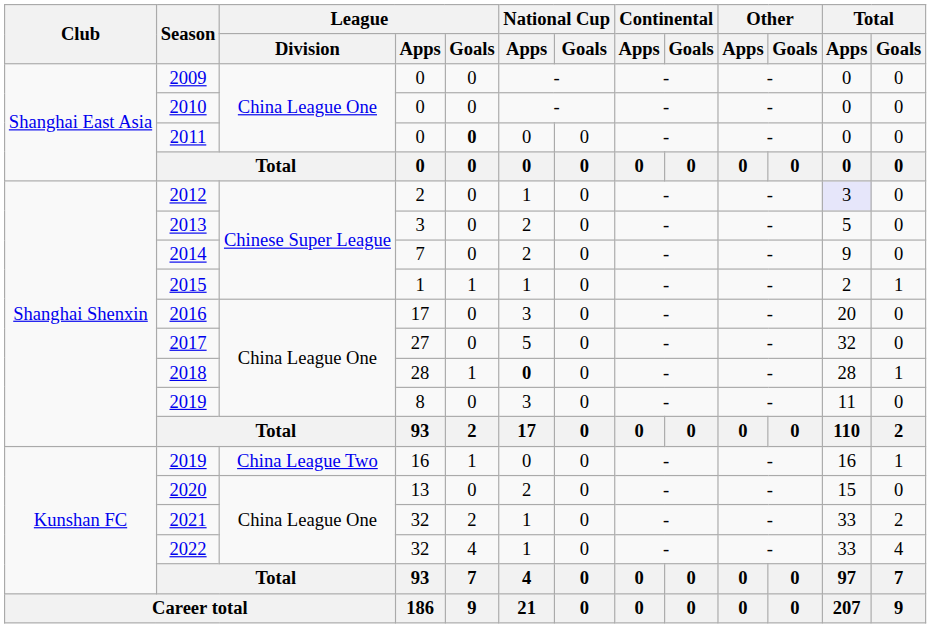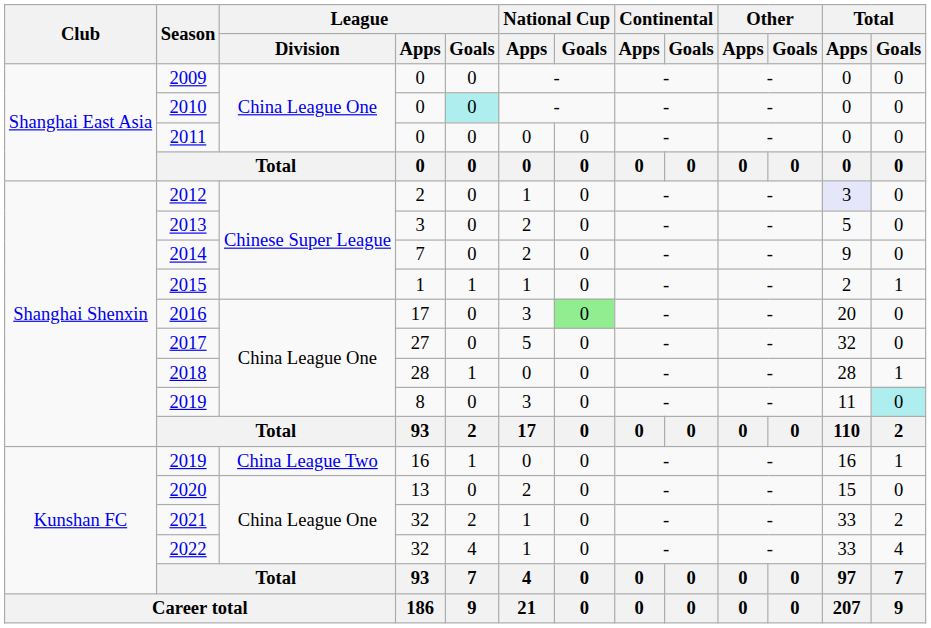 <table class="wikitable" style="text-align: center">
 <tr>
 <th rowspan="2">Club</th>
 <th rowspan="2">Season</th>
 <th colspan="3">League</th>
 <th colspan="2">National Cup</th>
 <th colspan="2">Continental</th>
 <th colspan="2">Other</th>
 <th colspan="2">Total</th>
 </tr>
 <tr>
 <th>Division</th>
 <th>Apps</th>
 <th>Goals</th>
 <th>Apps</th>
 <th>Goals</th>
 <th>Apps</th>
 <th>Goals</th>
 <th>Apps</th>
 <th>Goals</th>
 <th>Apps</th>
 <th>Goals</th>
 </tr>
 <tr>
 <td rowspan=4><a href='#'>Shanghai East Asia</a></td>
 <td><a href='#'>2009</a></td>
 <td rowspan="3"><a href='#'>China League One</a></td>
 <td>0</td>
 <td>0</td>
 <td colspan="2">-</td>
 <td colspan="2">-</td>
 <td colspan="2">-</td>
 <td>0</td>
 <td>0</td>
 </tr>
 <tr>
 <td><a href='#'>2010</a></td>
 <td>0</td>
-<td>0</td>
+<td style="background: paleturquoise;">0</td>
 <td colspan="2">-</td>
 <td colspan="2">-</td>
 <td colspan="2">-</td>
 <td>0</td>
 <td>0</td>
 </tr>
 <tr>
 <td><a href='#'>2011</a></td>
 <td>0</td>
-<td><strong>0</strong></td>
+<td>0</td>
 <td>0</td>
 <td>0</td>
 <td colspan="2">-</td>
 <td colspan="2">-</td>
 <td>0</td>
 <td>0</td>
 </tr>
 <tr>
 <th colspan="2">Total</th>
 <th>0</th>
 <th>0</th>
 <th>0</th>
 <th>0</th>
 <th>0</th>
 <th>0</th>
 <th>0</th>
 <th>0</th>
 <th>0</th>
 <th>0</th>
 </tr>
 <tr>
 <td rowspan=9><a href='#'>Shanghai Shenxin</a></td>
 <td><a href='#'>2012</a></td>
 <td rowspan=4><a href='#'>Chinese Super League</a></td>
 <td>2</td>
 <td>0</td>
 <td>1</td>
 <td>0</td>
 <td colspan="2">-</td>
 <td colspan="2">-</td>
 <td style="background: lavender;">3</td>
 <td>0</td>
 </tr>
 <tr>
 <td><a href='#'>2013</a></td>
 <td>3</td>
 <td>0</td>
 <td>2</td>
 <td>0</td>
 <td colspan="2">-</td>
 <td colspan="2">-</td>
 <td>5</td>
 <td>0</td>
 </tr>
 <tr>
 <td><a href='#'>2014</a></td>
 <td>7</td>
 <td>0</td>
 <td>2</td>
 <td>0</td>
 <td colspan="2">-</td>
 <td colspan="2">-</td>
 <td>9</td>
 <td>0</td>
 </tr>
 <tr>
 <td><a href='#'>2015</a></td>
 <td>1</td>
 <td>1</td>
 <td>1</td>
 <td>0</td>
 <td colspan="2">-</td>
 <td colspan="2">-</td>
 <td>2</td>
 <td>1</td>
 </tr>
 <tr>
 <td><a href='#'>2016</a></td>
 <td rowspan=4>China League One</td>
 <td>17</td>
 <td>0</td>
 <td>3</td>
-<td>0</td>
+<td style="background: lightgreen;">0</td>
 <td colspan="2">-</td>
 <td colspan="2">-</td>
 <td>20</td>
 <td>0</td>
 </tr>
 <tr>
 <td><a href='#'>2017</a></td>
 <td>27</td>
 <td>0</td>
 <td>5</td>
 <td>0</td>
 <td colspan="2">-</td>
 <td colspan="2">-</td>
 <td>32</td>
 <td>0</td>
 </tr>
 <tr>
 <td><a href='#'>2018</a></td>
 <td>28</td>
 <td>1</td>
-<td><strong>0</strong></td>
+<td>0</td>
 <td>0</td>
 <td colspan="2">-</td>
 <td colspan="2">-</td>
 <td>28</td>
 <td>1</td>
 </tr>
 <tr>
 <td><a href='#'>2019</a></td>
 <td>8</td>
 <td>0</td>
 <td>3</td>
 <td>0</td>
 <td colspan="2">-</td>
 <td colspan="2">-</td>
 <td>11</td>
-<td>0</td>
+<td style="background: paleturquoise;">0</td>
 </tr>
 <tr>
 <th colspan="2">Total</th>
 <th>93</th>
 <th>2</th>
 <th>17</th>
 <th>0</th>
 <th>0</th>
 <th>0</th>
 <th>0</th>
 <th>0</th>
 <th>110</th>
 <th>2</th>
 </tr>
 <tr>
 <td rowspan=5><a href='#'>Kunshan FC</a></td>
 <td><a href='#'>2019</a></td>
 <td><a href='#'>China League Two</a></td>
 <td>16</td>
 <td>1</td>
 <td>0</td>
 <td>0</td>
 <td colspan="2">-</td>
 <td colspan="2">-</td>
 <td>16</td>
 <td>1</td>
 </tr>
 <tr>
 <td><a href='#'>2020</a></td>
 <td rowspan=3>China League One</td>
 <td>13</td>
 <td>0</td>
 <td>2</td>
 <td>0</td>
 <td colspan="2">-</td>
 <td colspan="2">-</td>
 <td>15</td>
 <td>0</td>
 </tr>
 <tr>
 <td><a href='#'>2021</a></td>
 <td>32</td>
 <td>2</td>
 <td>1</td>
 <td>0</td>
 <td colspan="2">-</td>
 <td colspan="2">-</td>
 <td>33</td>
 <td>2</td>
 </tr>
 <tr>
 <td><a href='#'>2022</a></td>
 <td>32</td>
 <td>4</td>
 <td>1</td>
 <td>0</td>
 <td colspan="2">-</td>
 <td colspan="2">-</td>
 <td>33</td>
 <td>4</td>
 </tr>
 <tr>
 <th colspan="2">Total</th>
 <th>93</th>
 <th>7</th>
 <th>4</th>
 <th>0</th>
 <th>0</th>
 <th>0</th>
 <th>0</th>
 <th>0</th>
 <th>97</th>
 <th>7</th>
 </tr>
 <tr>
 <th colspan=3>Career total</th>
 <th>186</th>
 <th>9</th>
 <th>21</th>
 <th>0</th>
 <th>0</th>
 <th>0</th>
 <th>0</th>
 <th>0</th>
 <th>207</th>
 <th>9</th>
 </tr>
 </table>
